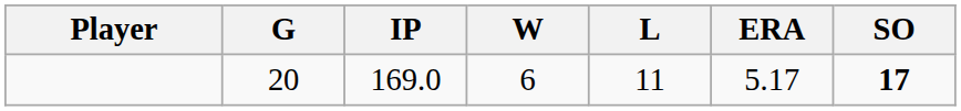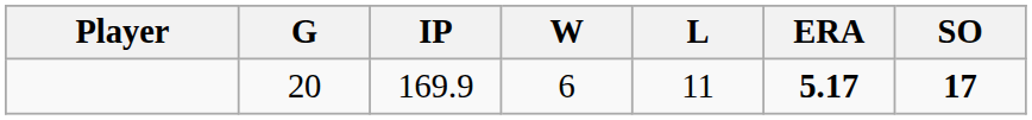 <table class="wikitable sortable">
 <tr>
 <th bgcolor="#DDDDFF" width="16%">Player</th>
 <th bgcolor="#DDDDFF" width="9%">G</th>
 <th bgcolor="#DDDDFF" width="9%">IP</th>
 <th bgcolor="#DDDDFF" width="9%">W</th>
 <th bgcolor="#DDDDFF" width="9%">L</th>
 <th bgcolor="#DDDDFF" width="9%">ERA</th>
 <th bgcolor="#DDDDFF" width="9%">SO</th>
 </tr>
 <tr align="center">
 <td></td>
 <td>20</td>
-<td>169.0</td>
+<td>169.9</td>
 <td>6</td>
 <td>11</td>
-<td>5.17</td>
+<td><strong>5.17</strong></td>
 <td><strong>17</strong></td>
 </tr>
 </table>
